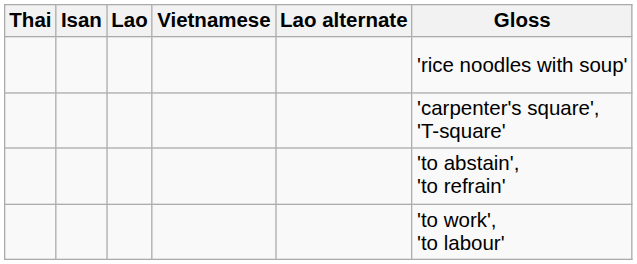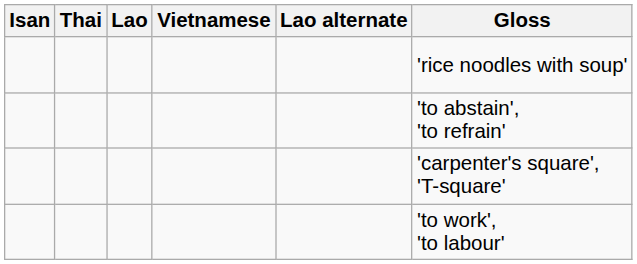 <table class="wikitable">
 <tr ----bgcolor="#eeeeee">
+<th>Isan</th>
 <th>Thai</th>
-<th>Isan</th>
 <th>Lao</th>
 <th>Vietnamese</th>
 <th>Lao alternate</th>
 <th>Gloss</th>
 </tr>
 <tr>
 <td><br><br></td>
 <td><br><br></td>
 <td><br><br></td>
 <td><br></td>
 <td><br><br></td>
 <td>'rice noodles with soup'</td>
 </tr>
 <tr>
 <td><br><br></td>
 <td><br><br></td>
 <td><br><br></td>
 <td><br></td>
 <td><br><br></td>
-<td>'carpenter's square',<br>'T-square'</td>
+<td>'to abstain',<br>'to refrain'</td>
 </tr>
 <tr>
 <td><br><br></td>
 <td><br><br></td>
 <td><br><br></td>
 <td><br></td>
 <td><br><br></td>
-<td>'to abstain',<br>'to refrain'</td>
+<td>'carpenter's square',<br>'T-square'</td>
 </tr>
 <tr>
 <td><br><br></td>
 <td><br><br></td>
 <td><br><br></td>
 <td><br></td>
 <td><br><br></td>
 <td>'to work',<br>'to labour'</td>
 </tr>
 </table>
